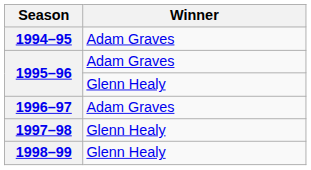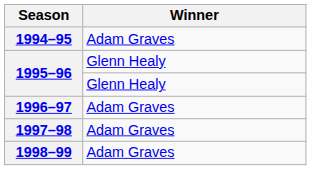 <table class="wikitable">
 <tr>
 <th scope="col" style="width:5em">Season</th>
 <th scope="col" style="width:15em">Winner</th>
 </tr>
 <tr>
 <th scope="row"><a href='#'>1994–95</a></th>
 <td><a href='#'>Adam Graves</a></td>
 </tr>
 <tr>
 <th scope="row" rowspan="2"><a href='#'>1995–96</a></th>
-<td><a href='#'>Adam Graves</a></td>
+<td><a href='#'>Glenn Healy</a></td>
 </tr>
 <tr>
 <td><a href='#'>Glenn Healy</a></td>
 </tr>
 <tr>
 <th scope="row"><a href='#'>1996–97</a></th>
 <td><a href='#'>Adam Graves</a></td>
 </tr>
 <tr>
 <th scope="row"><a href='#'>1997–98</a></th>
-<td><a href='#'>Glenn Healy</a></td>
+<td><a href='#'>Adam Graves</a></td>
 </tr>
 <tr>
 <th scope="row"><a href='#'>1998–99</a></th>
-<td><a href='#'>Glenn Healy</a></td>
+<td><a href='#'>Adam Graves</a></td>
 </tr>
 </table>
